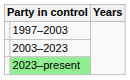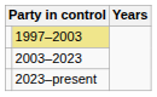 <table class="wikitable">
 <tr>
 <th colspan=2>Party in control</th>
 <th>Years</th>
 </tr>
 <tr>
 <td></td>
-<td>1997–2003</td>
+<td style="background: khaki;">1997–2003</td>
 </tr>
 <tr>
 <td></td>
 <td>2003–2023</td>
 </tr>
 <tr>
 <td></td>
-<td style="background: lightgreen;">2023–present</td>
+<td>2023–present</td>
 </tr>
 </table>
